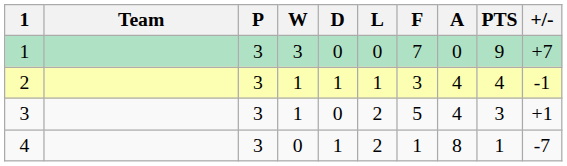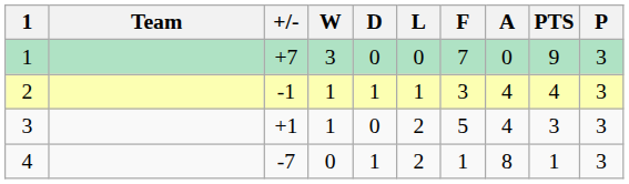 <table class="wikitable" border="1">
 <tr>
 <th width="25">1</th>
 <th width="150">Team</th>
-<th width="25">P</th>
+<th width="25">+/-</th>
 <th width="25">W</th>
 <th width="25">D</th>
 <th width="25">L</th>
 <th width="25">F</th>
 <th width="25">A</th>
 <th width="25">PTS</th>
-<th width="25">+/-</th>
+<th width="25">P</th>
 </tr>
 <tr bgcolor="AFE2C4">
 <td align="center">1</td>
 <td></td>
-<td align="center">3</td>
+<td align="center">+7</td>
 <td align="center">3</td>
 <td align="center">0</td>
 <td align="center">0</td>
 <td align="center">7</td>
 <td align="center">0</td>
 <td align="center">9</td>
-<td align="center">+7</td>
+<td align="center">3</td>
 </tr>
 <tr bgcolor="FCFFB2">
 <td align="center">2</td>
 <td></td>
-<td align="center">3</td>
+<td align="center">-1</td>
 <td align="center">1</td>
 <td align="center">1</td>
 <td align="center">1</td>
 <td align="center">3</td>
 <td align="center">4</td>
 <td align="center">4</td>
-<td align="center">-1</td>
+<td align="center">3</td>
 </tr>
 <tr>
 <td align="center">3</td>
 <td></td>
-<td align="center">3</td>
+<td align="center">+1</td>
 <td align="center">1</td>
 <td align="center">0</td>
 <td align="center">2</td>
 <td align="center">5</td>
 <td align="center">4</td>
 <td align="center">3</td>
-<td align="center">+1</td>
+<td align="center">3</td>
 </tr>
 <tr>
 <td align="center">4</td>
 <td></td>
-<td align="center">3</td>
+<td align="center">-7</td>
 <td align="center">0</td>
 <td align="center">1</td>
 <td align="center">2</td>
 <td align="center">1</td>
 <td align="center">8</td>
 <td align="center">1</td>
-<td align="center">-7</td>
+<td align="center">3</td>
 </tr>
 </table>
